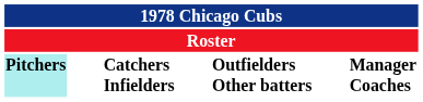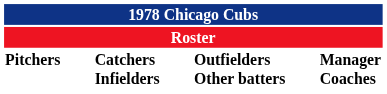 <table class="toccolours" style="font-size: 95%;">
 <tr>
 <th colspan="10" style="background-color: #0e3386; color: white; text-align: center;">1978 Chicago Cubs</th>
 </tr>
 <tr>
 <td colspan="10" style="background-color: #EE1422; color: white; text-align: center;"><strong>Roster</strong></td>
 </tr>
 <tr>
-<td valign="top" style="background: paleturquoise;"><strong>Pitchers</strong><br>             </td>
+<td valign="top"><strong>Pitchers</strong><br>             </td>
 <td width="25px"></td>
 <td valign="top"><strong>Catchers</strong><br>    <strong>Infielders</strong>           </td>
 <td width="25px"></td>
 <td valign="top"><strong>Outfielders</strong><br>         <strong>Other batters</strong> </td>
 <td width="25px"></td>
 <td valign="top"><strong>Manager</strong><br> <strong>Coaches</strong>     </td>
 </tr>
 <tr>
 </tr>
 </table>
